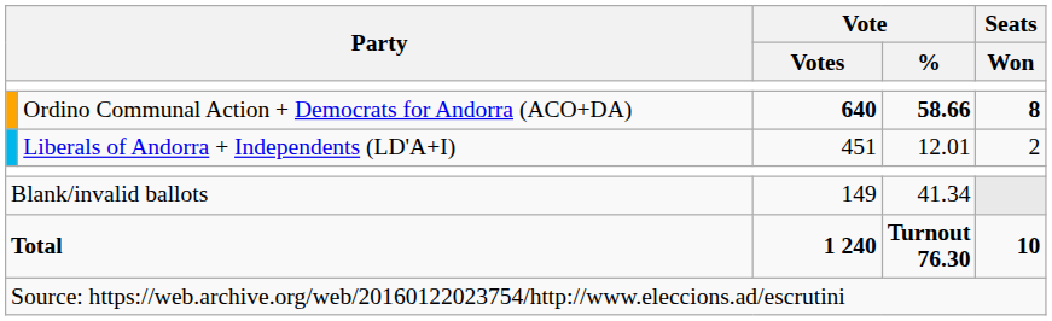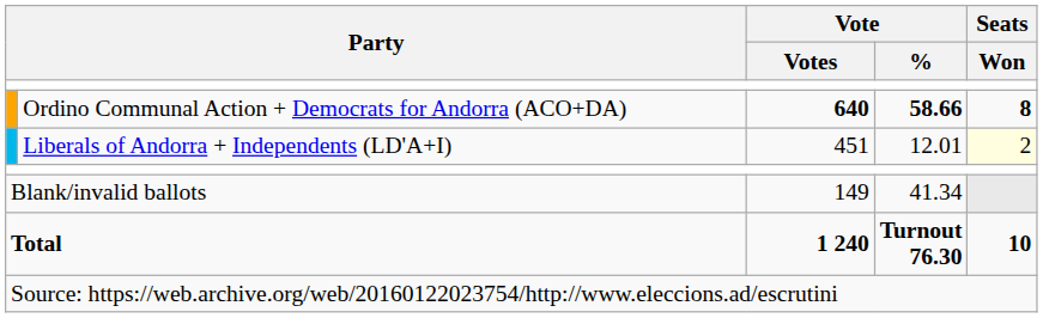 <table class="wikitable" style="text-align:right; font-size:100%; margin-bottom:0">
 <tr>
 <th align="left" rowspan="2" colspan="2" width="500">Party</th>
 <th colspan="2">Vote</th>
 <th>Seats</th>
 </tr>
 <tr>
 <th width="80">Votes</th>
 <th width="50">%</th>
 <th width="40">Won</th>
 </tr>
 <tr bgcolor=white>
 <td colspan=7></td>
 </tr>
 <tr>
 <td width="1" bgcolor="orange"></td>
 <td align="left">Ordino Communal Action + <a href='#'>Democrats for Andorra</a> (ACO+DA)</td>
 <td><strong>640</strong></td>
 <td><strong>58.66</strong></td>
 <td><strong>8</strong></td>
 </tr>
 <tr>
 <td width="1" style="color:inherit;background:#00B7EB"></td>
 <td align="left"><a href='#'>Liberals of Andorra</a> + <a href='#'>Independents</a> (LD'A+I)</td>
 <td>451</td>
 <td>12.01</td>
-<td>2</td>
+<td style="background: lightyellow;">2</td>
 </tr>
 <tr bgcolor=white>
 <td colspan=7></td>
 </tr>
 <tr>
 <td colspan="2" align="left">Blank/invalid ballots</td>
 <td>149</td>
 <td>41.34</td>
 <td style="color:inherit;background:#E9E9E9"></td>
 </tr>
 <tr style="font-weight:bold;">
 <td align="left" colspan="2">Total</td>
 <td>1 240</td>
 <td>Turnout 76.30</td>
 <td>10</td>
 </tr>
 <tr>
 <td align="left" colspan="5">Source: https://web.archive.org/web/20160122023754/http://www.eleccions.ad/escrutini</td>
 </tr>
 </table>
